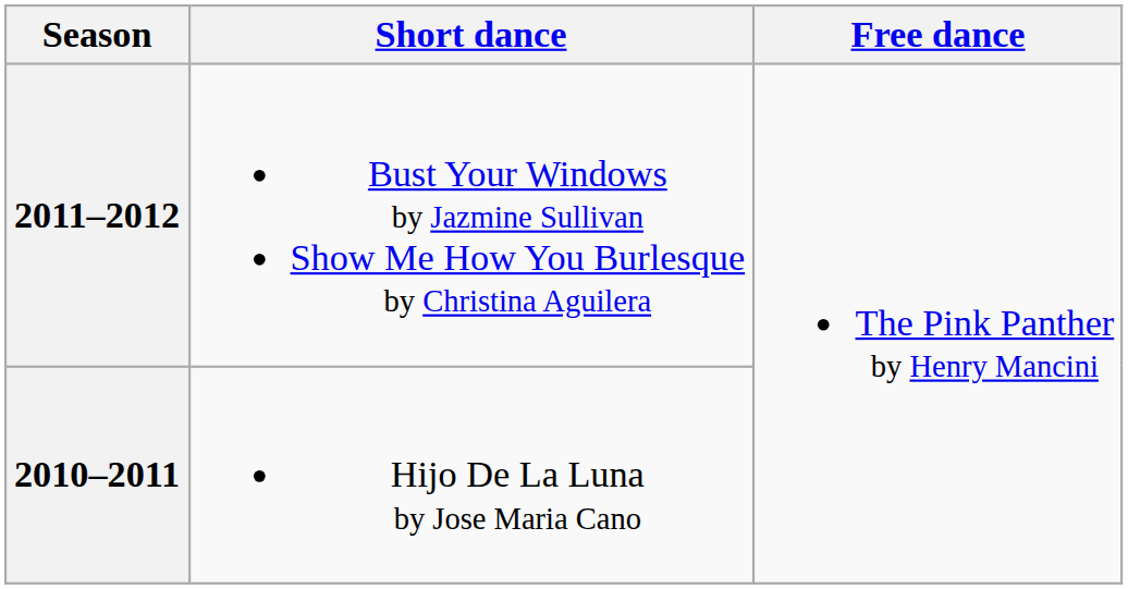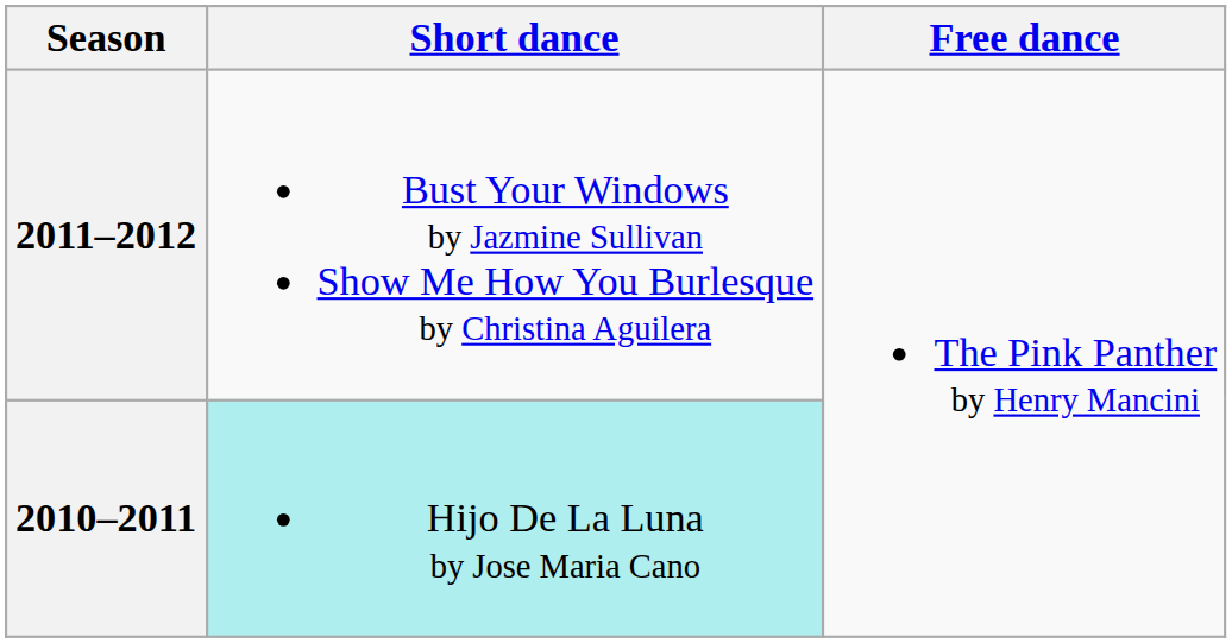 <table class="wikitable" style="text-align:center">
 <tr>
 <th>Season</th>
 <th><a href='#'>Short dance</a></th>
 <th><a href='#'>Free dance</a></th>
 </tr>
 <tr>
 <th>2011–2012 <br> </th>
 <td><br><ul><li><a href='#'>Bust Your Windows</a> <br><small> by <a href='#'>Jazmine Sullivan</a> </small></li><li><a href='#'>Show Me How You Burlesque</a> <br><small> by <a href='#'>Christina Aguilera</a> </small></li></ul></td>
 <td rowspan=2><br><ul><li><a href='#'>The Pink Panther</a> <br><small> by <a href='#'>Henry Mancini</a> </small></li></ul></td>
 </tr>
 <tr>
 <th>2010–2011 <br> </th>
-<td><br><ul><li>Hijo De La Luna <br><small> by Jose Maria Cano </small></li></ul></td>
+<td style="background: paleturquoise;"><br><ul><li>Hijo De La Luna <br><small> by Jose Maria Cano </small></li></ul></td>
 </tr>
 </table>
